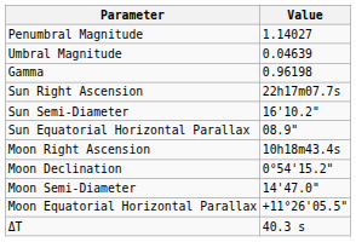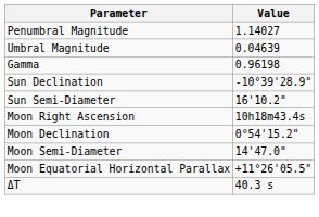 <table class="wikitable">
 <tr>
 <th>Parameter</th>
 <th>Value</th>
 </tr>
 <tr>
 <td>Penumbral Magnitude</td>
 <td>1.14027</td>
 </tr>
 <tr>
 <td>Umbral Magnitude</td>
 <td>0.04639</td>
 </tr>
 <tr>
 <td>Gamma</td>
 <td>0.96198</td>
 </tr>
 <tr>
-<td>Sun Right Ascension</td>
-<td>22h17m07.7s</td>
+<td>Sun Declination</td>
+<td>-10°39'28.9"</td>
 </tr>
 <tr>
 <td>Sun Semi-Diameter</td>
 <td>16'10.2"</td>
-</tr>
-<tr>
-<td>Sun Equatorial Horizontal Parallax</td>
-<td>08.9"</td>
 </tr>
 <tr>
 <td>Moon Right Ascension</td>
 <td>10h18m43.4s</td>
 </tr>
 <tr>
 <td>Moon Declination</td>
 <td>0°54'15.2"</td>
 </tr>
 <tr>
 <td>Moon Semi-Diameter</td>
 <td>14'47.0"</td>
 </tr>
 <tr>
 <td>Moon Equatorial Horizontal Parallax</td>
 <td>+11°26'05.5"</td>
 </tr>
 <tr>
 <td>ΔT</td>
 <td>40.3 s</td>
 </tr>
 </table>
